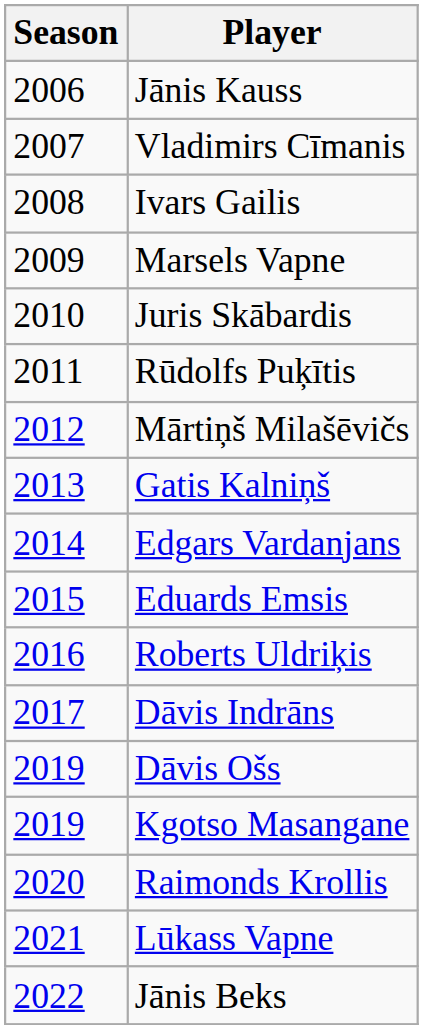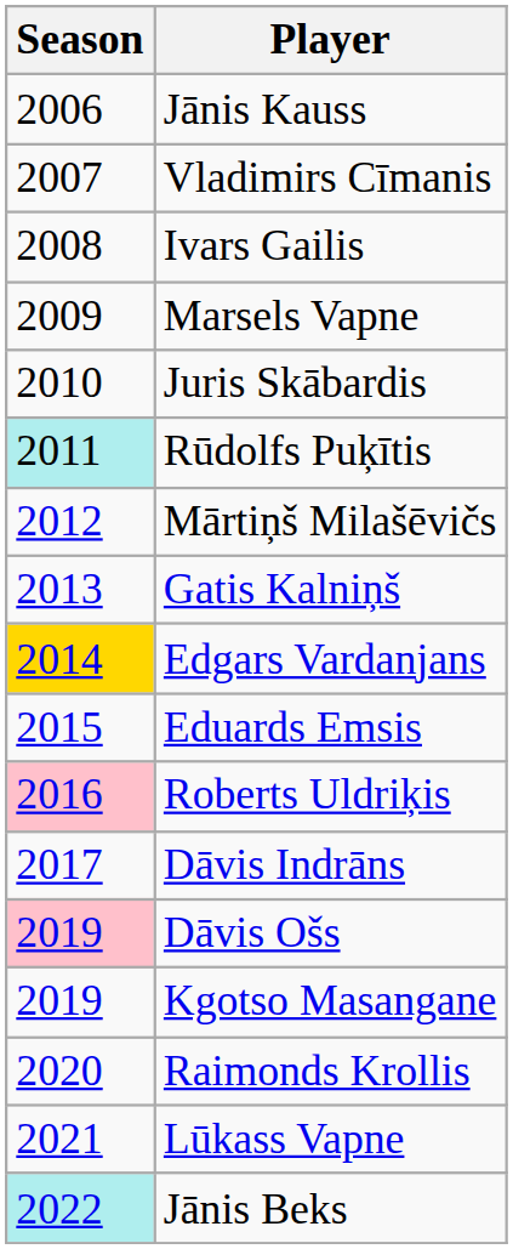 <table class="wikitable">
 <tr>
 <th>Season</th>
 <th>Player</th>
 </tr>
 <tr>
 <td>2006</td>
 <td> Jānis Kauss</td>
 </tr>
 <tr>
 <td>2007</td>
 <td> Vladimirs Cīmanis</td>
 </tr>
 <tr>
 <td>2008</td>
 <td> Ivars Gailis</td>
 </tr>
 <tr>
 <td>2009</td>
 <td> Marsels Vapne</td>
 </tr>
 <tr>
 <td>2010</td>
 <td> Juris Skābardis</td>
 </tr>
 <tr>
-<td>2011</td>
+<td style="background: paleturquoise;">2011</td>
 <td> Rūdolfs Puķītis</td>
 </tr>
 <tr>
 <td><a href='#'>2012</a></td>
 <td> Mārtiņš Milašēvičs</td>
 </tr>
 <tr>
 <td><a href='#'>2013</a></td>
 <td> <a href='#'>Gatis Kalniņš</a></td>
 </tr>
 <tr>
-<td><a href='#'>2014</a></td>
+<td style="background: gold;"><a href='#'>2014</a></td>
 <td> <a href='#'>Edgars Vardanjans</a></td>
 </tr>
 <tr>
 <td><a href='#'>2015</a></td>
 <td> <a href='#'>Eduards Emsis</a></td>
 </tr>
 <tr>
-<td><a href='#'>2016</a></td>
+<td style="background: pink;"><a href='#'>2016</a></td>
 <td> <a href='#'>Roberts Uldriķis</a></td>
 </tr>
 <tr>
 <td><a href='#'>2017</a></td>
 <td> <a href='#'>Dāvis Indrāns</a></td>
 </tr>
 <tr>
-<td><a href='#'>2019</a></td>
+<td style="background: pink;"><a href='#'>2019</a></td>
 <td> <a href='#'>Dāvis Ošs</a></td>
 </tr>
 <tr>
 <td><a href='#'>2019</a></td>
 <td> <a href='#'>Kgotso Masangane</a></td>
 </tr>
 <tr>
 <td><a href='#'>2020</a></td>
 <td> <a href='#'>Raimonds Krollis</a></td>
 </tr>
 <tr>
 <td><a href='#'>2021</a></td>
 <td> <a href='#'>Lūkass Vapne</a></td>
 </tr>
 <tr>
-<td><a href='#'>2022</a></td>
+<td style="background: paleturquoise;"><a href='#'>2022</a></td>
 <td> Jānis Beks</td>
 </tr>
 </table>
